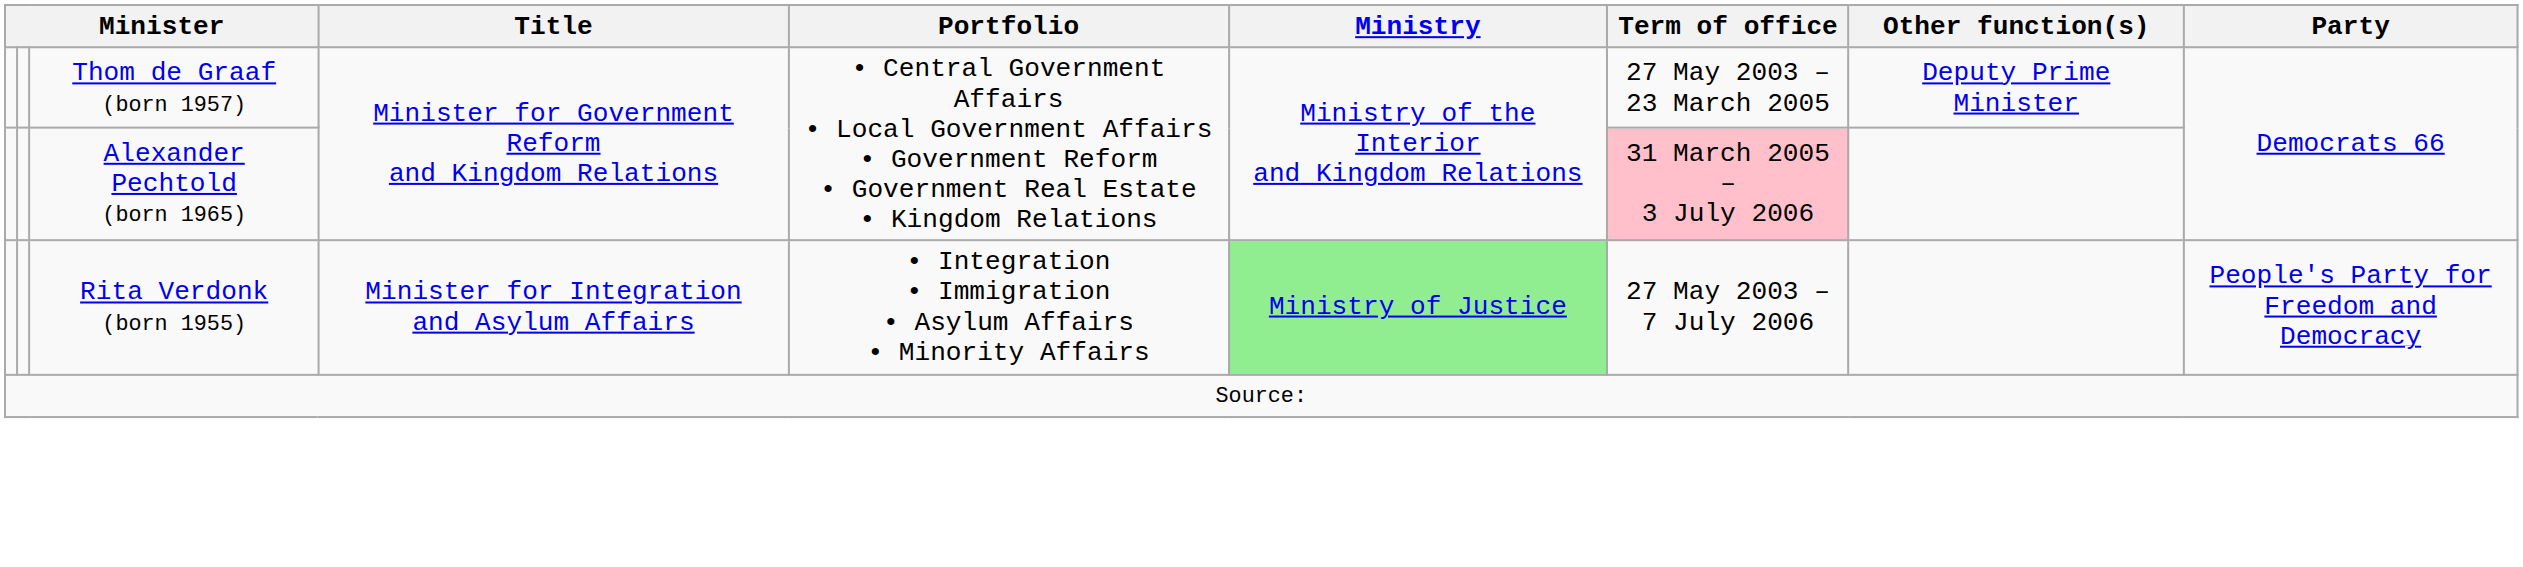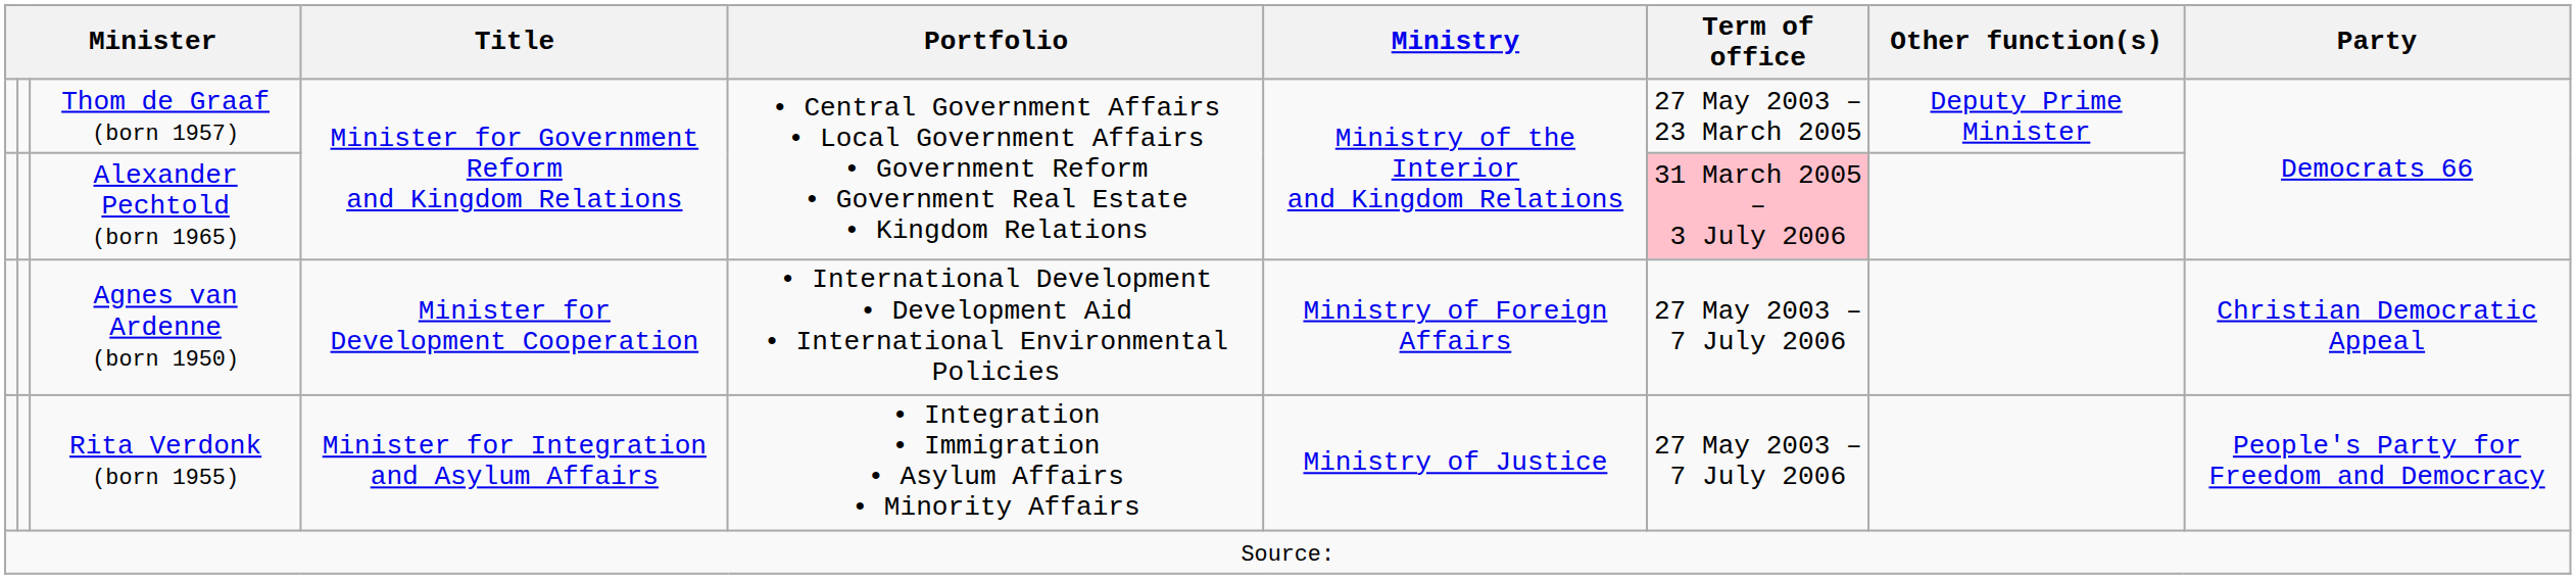 <table class="wikitable" style="text-align:center">
 <tr>
 <th colspan=3>Minister</th>
 <th>Title</th>
 <th>Portfolio</th>
 <th><a href='#'>Ministry</a></th>
 <th>Term of office</th>
 <th>Other function(s)</th>
 <th>Party</th>
 </tr>
 <tr>
 <td style="background:"></td>
 <td></td>
 <td><a href='#'>Thom de Graaf</a> <br> <small>(born 1957)</small></td>
 <td rowspan=2><a href='#'>Minister for Government Reform <br> and Kingdom Relations</a></td>
 <td rowspan=2>• Central Government Affairs <br> • Local Government Affairs <br> • Government Reform <br> • Government Real Estate <br> • Kingdom Relations</td>
 <td rowspan=2><a href='#'>Ministry of the Interior <br> and Kingdom Relations</a></td>
 <td>27 May 2003 – <br> 23 March 2005 <br> </td>
 <td><a href='#'>Deputy Prime Minister</a></td>
 <td rowspan=2><a href='#'>Democrats 66</a></td>
 </tr>
 <tr>
 <td style="background:"></td>
 <td></td>
 <td><a href='#'>Alexander Pechtold</a> <br> <small>(born 1965)</small></td>
 <td style="background: pink;">31 March 2005 – <br> 3 July 2006 <br> </td>
 <td></td>
 </tr>
 <tr>
 <td style="background:"></td>
 <td></td>
+<td><a href='#'>Agnes van Ardenne</a> <br> <small>(born 1950)</small></td>
+<td><a href='#'>Minister for <br> Development Cooperation</a></td>
+<td>• International Development <br> • Development Aid <br> • International Environmental Policies</td>
+<td><a href='#'>Ministry of Foreign Affairs</a></td>
+<td>27 May 2003 – <br> 7 July 2006</td>
+<td></td>
+<td><a href='#'>Christian Democratic Appeal</a></td>
+</tr>
+<tr>
+<td style="background:"></td>
+<td></td>
 <td><a href='#'>Rita Verdonk</a> <br> <small>(born 1955)</small></td>
 <td><a href='#'>Minister for Integration <br> and Asylum Affairs</a></td>
 <td>• Integration <br> • Immigration <br> • Asylum Affairs <br> • Minority Affairs</td>
-<td style="background: lightgreen;"><a href='#'>Ministry of Justice</a></td>
+<td><a href='#'>Ministry of Justice</a></td>
 <td>27 May 2003 – <br> 7 July 2006</td>
 <td></td>
 <td><a href='#'>People's Party for <br> Freedom and Democracy</a></td>
 </tr>
 <tr>
 <td colspan=9><small>Source:</small></td>
 </tr>
 </table>
